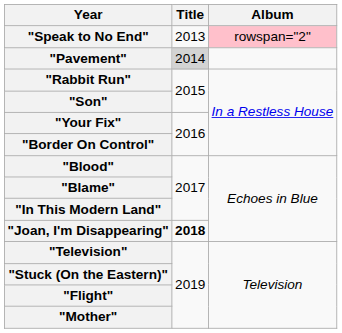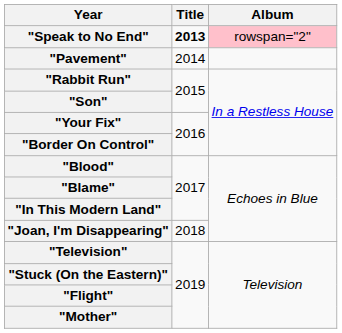 <table class="wikitable plainrowheaders" style="text-align:center">
 <tr>
 <th>Year</th>
 <th>Title</th>
 <th>Album</th>
 </tr>
 <tr>
 <th scope="row">"Speak to No End"</th>
-<td>2013</td>
+<td><strong>2013</strong></td>
 <td style="background: pink;">rowspan="2" </td>
 </tr>
 <tr>
 <th scope="row">"Pavement"</th>
-<td style="background: lightgrey;">2014</td>
+<td>2014</td>
 </tr>
 <tr>
 <th scope="row">"Rabbit Run"</th>
 <td rowspan="2">2015</td>
 <td rowspan="4"><em><a href='#'>In a Restless House</a></em></td>
 </tr>
 <tr>
 <th scope="row">"Son"</th>
 </tr>
 <tr>
 <th scope="row">"Your Fix"</th>
 <td rowspan="2">2016</td>
 </tr>
 <tr>
 <th scope="row">"Border On Control"</th>
 </tr>
 <tr>
 <th scope="row">"Blood"</th>
 <td rowspan="3">2017</td>
 <td rowspan="4"><em>Echoes in Blue</em></td>
 </tr>
 <tr>
 <th scope="row">"Blame"</th>
 </tr>
 <tr>
 <th scope="row">"In This Modern Land"</th>
 </tr>
 <tr>
 <th scope="row">"Joan, I'm Disappearing"</th>
-<td><strong>2018</strong></td>
+<td>2018</td>
 </tr>
 <tr>
 <th scope="row">"Television"</th>
 <td rowspan="4">2019</td>
 <td rowspan="4"><em>Television</em></td>
 </tr>
 <tr>
 <th scope="row">"Stuck (On the Eastern)"</th>
 </tr>
 <tr>
 <th scope="row">"Flight"</th>
 </tr>
 <tr>
 <th scope="row">"Mother"</th>
 </tr>
 </table>
